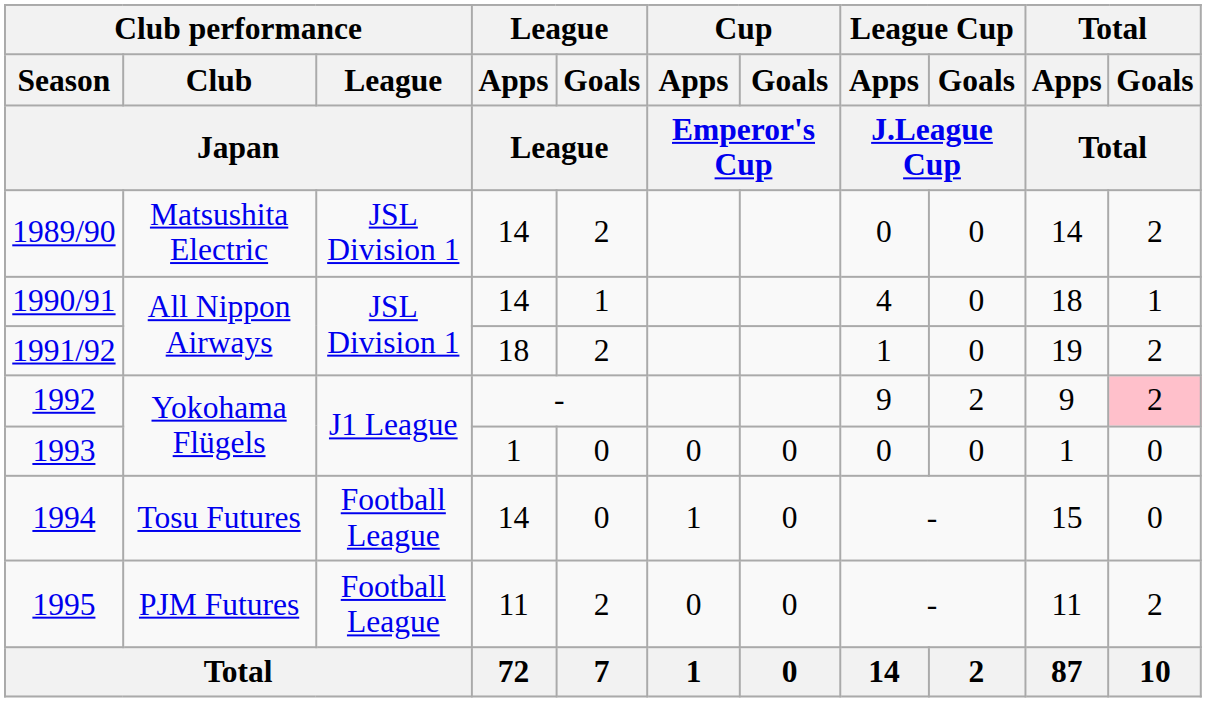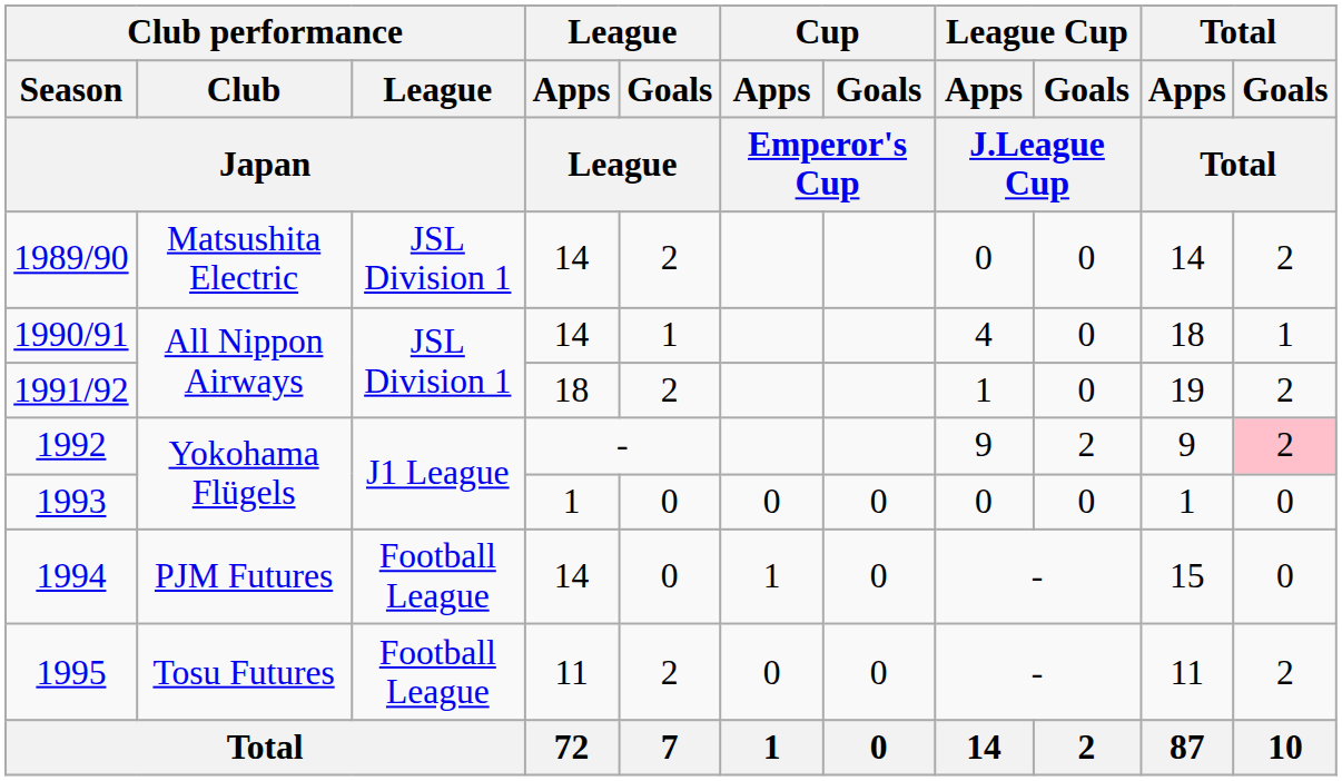 <table class="wikitable" style="text-align:center;">
 <tr>
 <th colspan=3>Club performance</th>
 <th colspan=2>League</th>
 <th colspan=2>Cup</th>
 <th colspan=2>League Cup</th>
 <th colspan=2>Total</th>
 </tr>
 <tr>
 <th>Season</th>
 <th>Club</th>
 <th>League</th>
 <th>Apps</th>
 <th>Goals</th>
 <th>Apps</th>
 <th>Goals</th>
 <th>Apps</th>
 <th>Goals</th>
 <th>Apps</th>
 <th>Goals</th>
 </tr>
 <tr>
 <th colspan=3>Japan</th>
 <th colspan=2>League</th>
 <th colspan=2><a href='#'>Emperor's Cup</a></th>
 <th colspan=2><a href='#'>J.League Cup</a></th>
 <th colspan=2>Total</th>
 </tr>
 <tr>
 <td><a href='#'>1989/90</a></td>
 <td><a href='#'>Matsushita Electric</a></td>
 <td><a href='#'>JSL Division 1</a></td>
 <td>14</td>
 <td>2</td>
 <td></td>
 <td></td>
 <td>0</td>
 <td>0</td>
 <td>14</td>
 <td>2</td>
 </tr>
 <tr>
 <td><a href='#'>1990/91</a></td>
 <td rowspan="2"><a href='#'>All Nippon Airways</a></td>
 <td rowspan="2"><a href='#'>JSL Division 1</a></td>
 <td>14</td>
 <td>1</td>
 <td></td>
 <td></td>
 <td>4</td>
 <td>0</td>
 <td>18</td>
 <td>1</td>
 </tr>
 <tr>
 <td><a href='#'>1991/92</a></td>
 <td>18</td>
 <td>2</td>
 <td></td>
 <td></td>
 <td>1</td>
 <td>0</td>
 <td>19</td>
 <td>2</td>
 </tr>
 <tr>
 <td><a href='#'>1992</a></td>
 <td rowspan="2"><a href='#'>Yokohama Flügels</a></td>
 <td rowspan="2"><a href='#'>J1 League</a></td>
 <td colspan="2">-</td>
 <td></td>
 <td></td>
 <td>9</td>
 <td>2</td>
 <td>9</td>
 <td style="background: pink;">2</td>
 </tr>
 <tr>
 <td><a href='#'>1993</a></td>
 <td>1</td>
 <td>0</td>
 <td>0</td>
 <td>0</td>
 <td>0</td>
 <td>0</td>
 <td>1</td>
 <td>0</td>
 </tr>
 <tr>
 <td><a href='#'>1994</a></td>
-<td><a href='#'>Tosu Futures</a></td>
+<td><a href='#'>PJM Futures</a></td>
 <td><a href='#'>Football League</a></td>
 <td>14</td>
 <td>0</td>
 <td>1</td>
 <td>0</td>
 <td colspan="2">-</td>
 <td>15</td>
 <td>0</td>
 </tr>
 <tr>
 <td><a href='#'>1995</a></td>
-<td><a href='#'>PJM Futures</a></td>
+<td><a href='#'>Tosu Futures</a></td>
 <td><a href='#'>Football League</a></td>
 <td>11</td>
 <td>2</td>
 <td>0</td>
 <td>0</td>
 <td colspan="2">-</td>
 <td>11</td>
 <td>2</td>
 </tr>
 <tr>
 <th colspan=3>Total</th>
 <th>72</th>
 <th>7</th>
 <th>1</th>
 <th>0</th>
 <th>14</th>
 <th>2</th>
 <th>87</th>
 <th>10</th>
 </tr>
 </table>
